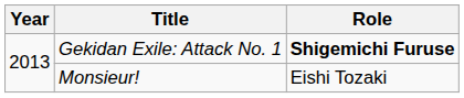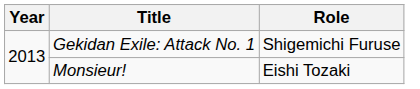 <table class="wikitable">
 <tr>
 <th>Year</th>
 <th>Title</th>
 <th>Role</th>
 </tr>
 <tr>
 <td rowspan="2">2013</td>
 <td><em>Gekidan Exile: Attack No. 1</em></td>
-<td><strong>Shigemichi Furuse</strong></td>
+<td>Shigemichi Furuse</td>
 </tr>
 <tr>
 <td><em>Monsieur!</em></td>
 <td>Eishi Tozaki</td>
 </tr>
 </table>
